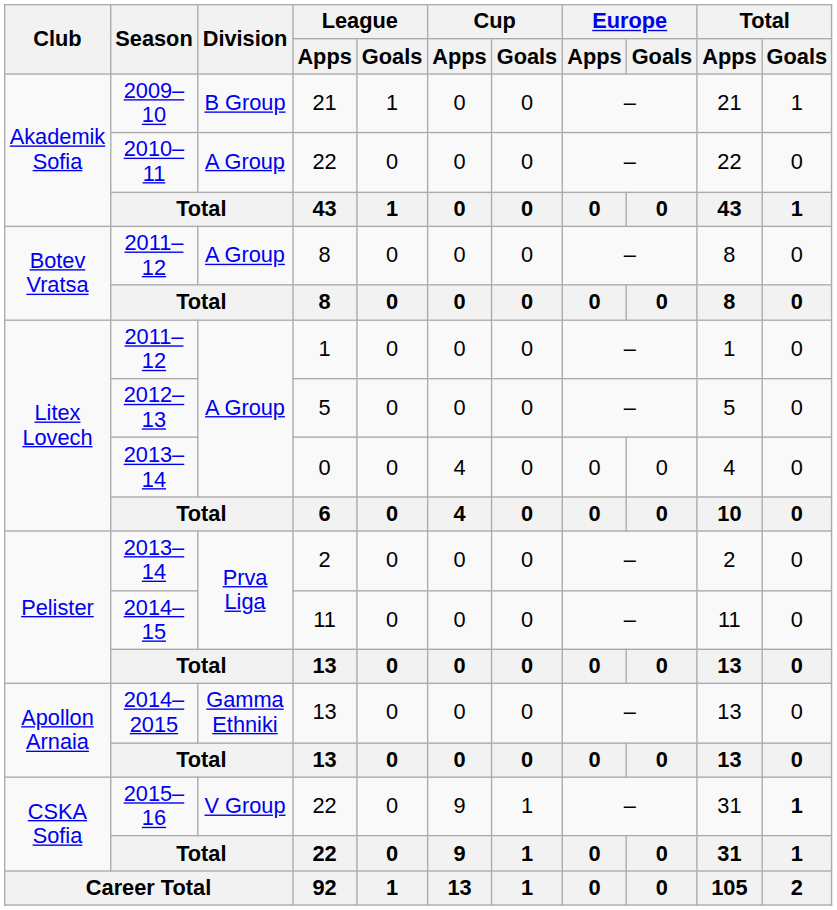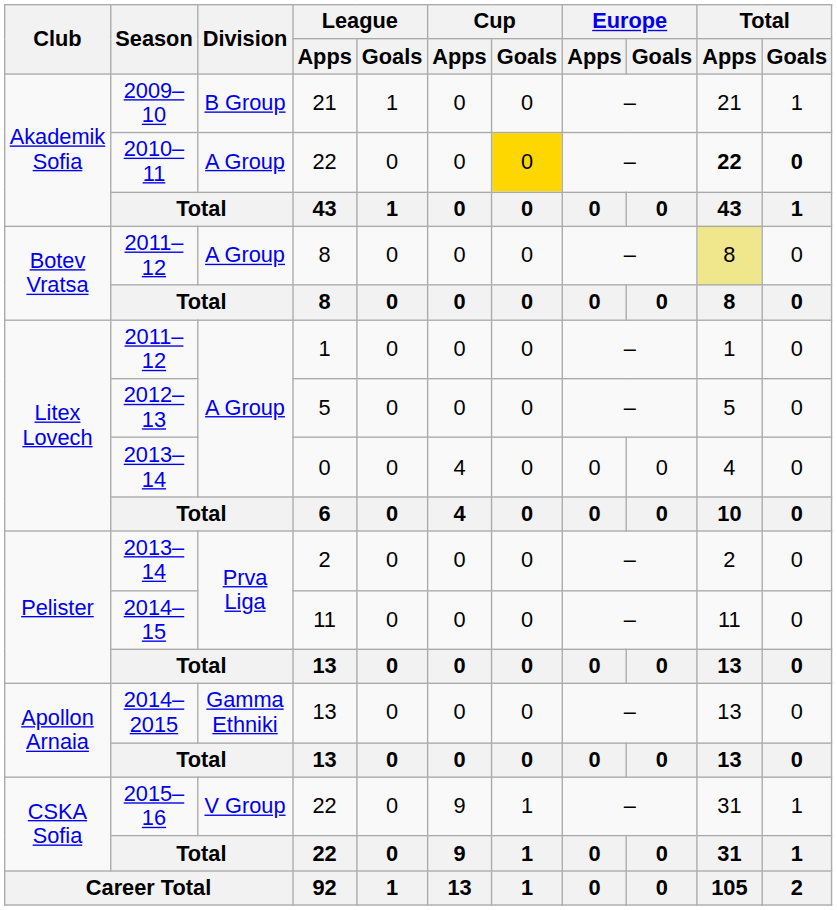 <table class="wikitable" style="text-align: center;">
 <tr>
 <th width="140" rowspan="2">Club</th>
 <th width="80" rowspan="2">Season</th>
 <th width="120" rowspan="2">Division</th>
 <th colspan="2">League</th>
 <th colspan="2">Cup</th>
 <th colspan="2"><a href='#'>Europe</a></th>
 <th colspan="2">Total</th>
 </tr>
 <tr>
 <th width="15">Apps</th>
 <th width="15">Goals</th>
 <th width="15">Apps</th>
 <th width="15">Goals</th>
 <th width="15">Apps</th>
 <th width="15">Goals</th>
 <th width="15">Apps</th>
 <th width="15">Goals</th>
 </tr>
 <tr>
 <td rowspan=3><a href='#'>Akademik Sofia</a></td>
 <td><a href='#'>2009–10</a></td>
 <td><a href='#'>B Group</a></td>
 <td>21</td>
 <td>1</td>
 <td>0</td>
 <td>0</td>
 <td colspan="2">–</td>
 <td>21</td>
 <td>1</td>
 </tr>
 <tr>
 <td><a href='#'>2010–11</a></td>
 <td><a href='#'>A Group</a></td>
 <td>22</td>
 <td>0</td>
 <td>0</td>
-<td>0</td>
+<td style="background: gold;">0</td>
 <td colspan="2">–</td>
-<td>22</td>
-<td>0</td>
+<td><strong>22</strong></td>
+<td><strong>0</strong></td>
 </tr>
 <tr>
 <th colspan=2>Total</th>
 <th>43</th>
 <th>1</th>
 <th>0</th>
 <th>0</th>
 <th>0</th>
 <th>0</th>
 <th>43</th>
 <th>1</th>
 </tr>
 <tr>
 <td rowspan=2><a href='#'>Botev Vratsa</a></td>
 <td><a href='#'>2011–12</a></td>
 <td><a href='#'>A Group</a></td>
 <td>8</td>
 <td>0</td>
 <td>0</td>
 <td>0</td>
 <td colspan="2">–</td>
-<td>8</td>
+<td style="background: khaki;">8</td>
 <td>0</td>
 </tr>
 <tr>
 <th colspan=2>Total</th>
 <th>8</th>
 <th>0</th>
 <th>0</th>
 <th>0</th>
 <th>0</th>
 <th>0</th>
 <th>8</th>
 <th>0</th>
 </tr>
 <tr>
 <td rowspan=4><a href='#'>Litex Lovech</a></td>
 <td><a href='#'>2011–12</a></td>
 <td rowspan=3><a href='#'>A Group</a></td>
 <td>1</td>
 <td>0</td>
 <td>0</td>
 <td>0</td>
 <td colspan="2">–</td>
 <td>1</td>
 <td>0</td>
 </tr>
 <tr>
 <td><a href='#'>2012–13</a></td>
 <td>5</td>
 <td>0</td>
 <td>0</td>
 <td>0</td>
 <td colspan="2">–</td>
 <td>5</td>
 <td>0</td>
 </tr>
 <tr>
 <td><a href='#'>2013–14</a></td>
 <td>0</td>
 <td>0</td>
 <td>4</td>
 <td>0</td>
 <td>0</td>
 <td>0</td>
 <td>4</td>
 <td>0</td>
 </tr>
 <tr>
 <th colspan=2>Total</th>
 <th>6</th>
 <th>0</th>
 <th>4</th>
 <th>0</th>
 <th>0</th>
 <th>0</th>
 <th>10</th>
 <th>0</th>
 </tr>
 <tr>
 <td rowspan=3><a href='#'>Pelister</a></td>
 <td><a href='#'>2013–14</a></td>
 <td rowspan=2><a href='#'>Prva Liga</a></td>
 <td>2</td>
 <td>0</td>
 <td>0</td>
 <td>0</td>
 <td colspan="2">–</td>
 <td>2</td>
 <td>0</td>
 </tr>
 <tr>
 <td><a href='#'>2014–15</a></td>
 <td>11</td>
 <td>0</td>
 <td>0</td>
 <td>0</td>
 <td colspan="2">–</td>
 <td>11</td>
 <td>0</td>
 </tr>
 <tr>
 <th colspan=2>Total</th>
 <th>13</th>
 <th>0</th>
 <th>0</th>
 <th>0</th>
 <th>0</th>
 <th>0</th>
 <th>13</th>
 <th>0</th>
 </tr>
 <tr>
 <td rowspan=2><a href='#'>Apollon Arnaia</a></td>
 <td><a href='#'>2014–2015</a></td>
 <td><a href='#'>Gamma Ethniki</a></td>
 <td>13</td>
 <td>0</td>
 <td>0</td>
 <td>0</td>
 <td colspan="2">–</td>
 <td>13</td>
 <td>0</td>
 </tr>
 <tr>
 <th colspan=2>Total</th>
 <th>13</th>
 <th>0</th>
 <th>0</th>
 <th>0</th>
 <th>0</th>
 <th>0</th>
 <th>13</th>
 <th>0</th>
 </tr>
 <tr>
 <td rowspan=2><a href='#'>CSKA Sofia</a></td>
 <td><a href='#'>2015–16</a></td>
 <td><a href='#'>V Group</a></td>
 <td>22</td>
 <td>0</td>
 <td>9</td>
 <td>1</td>
 <td colspan="2">–</td>
 <td>31</td>
-<td><strong>1</strong></td>
+<td>1</td>
 </tr>
 <tr>
 <th colspan=2>Total</th>
 <th>22</th>
 <th>0</th>
 <th>9</th>
 <th>1</th>
 <th>0</th>
 <th>0</th>
 <th>31</th>
 <th>1</th>
 </tr>
 <tr>
 <th colspan=3>Career Total</th>
 <th>92</th>
 <th>1</th>
 <th>13</th>
 <th>1</th>
 <th>0</th>
 <th>0</th>
 <th>105</th>
 <th>2</th>
 </tr>
 </table>
